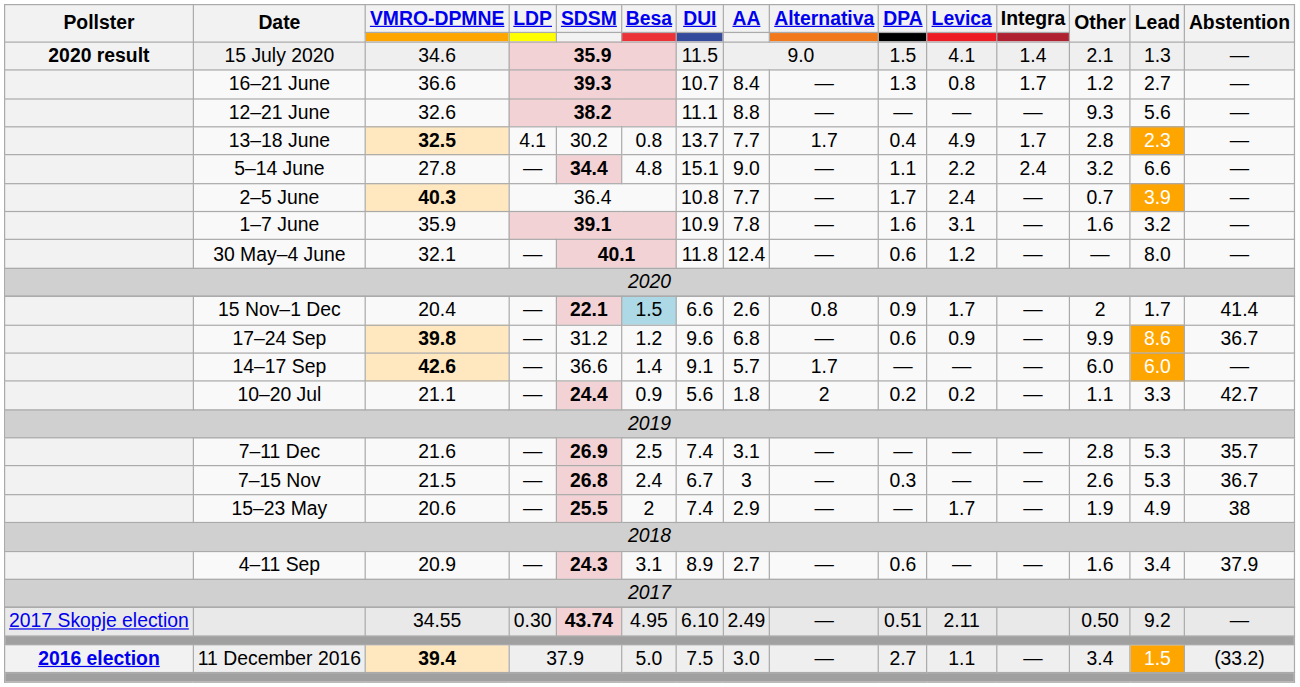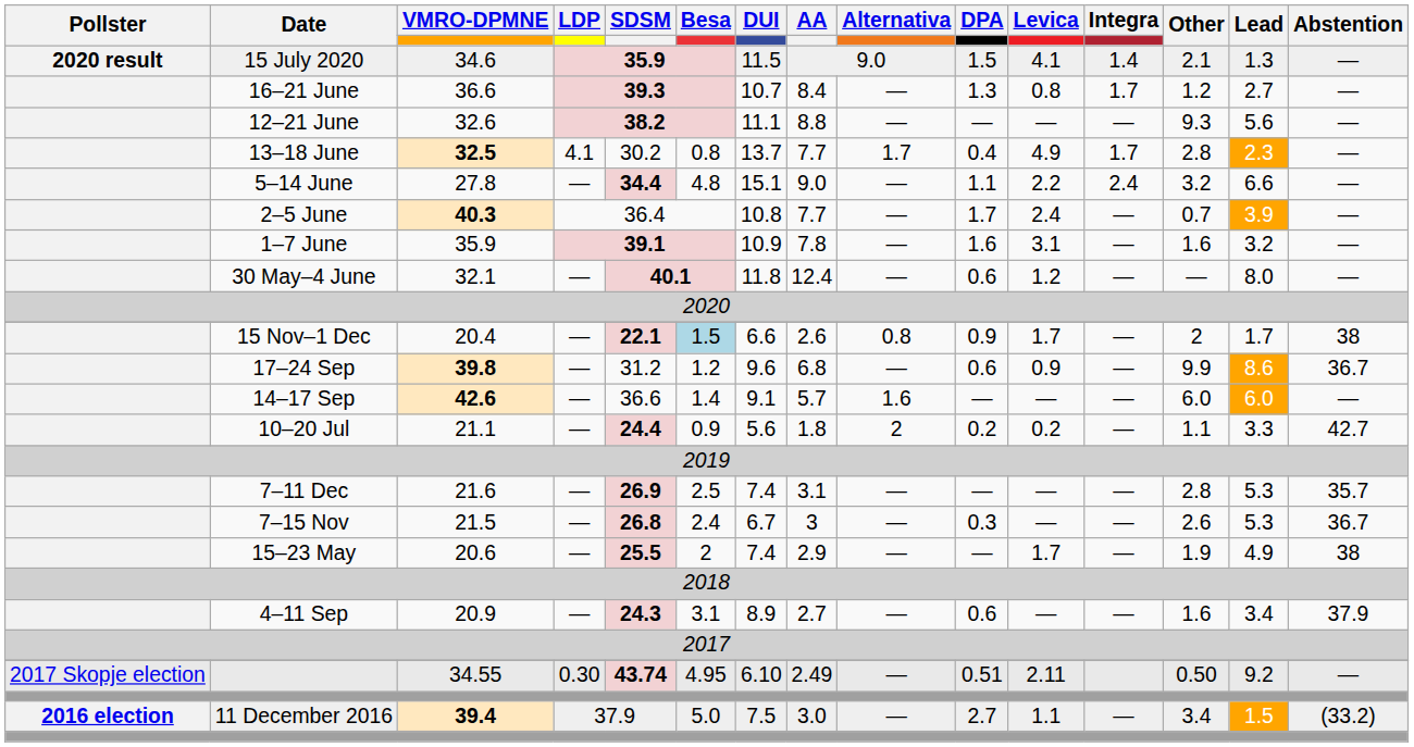 <table class="wikitable" style="text-align:center; line-height:16px; margin-bottom:0">
 <tr>
 <th scope="col" rowspan="2">Pollster</th>
 <th scope="col" rowspan="2">Date</th>
 <th scope="col"><a href='#'>VMRO-DPMNE</a></th>
 <th scope="col"><a href='#'>LDP</a></th>
 <th scope="col"><a href='#'>SDSM</a></th>
 <th scope="col"><a href='#'>Besa</a></th>
 <th scope="col"><a href='#'>DUI</a></th>
 <th scope="col"><a href='#'>AA</a></th>
 <th scope="col"><a href='#'>Alternativa</a></th>
 <th scope="col"><a href='#'>DPA</a></th>
 <th scope="col"><a href='#'>Levica</a></th>
 <th scope="col">Integra</th>
 <th scope="col" rowspan="2">Other</th>
 <th scope="col" rowspan="2">Lead</th>
 <th scope="col" rowspan="2">Abstention</th>
 </tr>
 <tr>
 <th scope="col" style="background:#FFA500;"></th>
 <th scope="col" style="background:yellow;"></th>
 <th scope="col" style="background:"></th>
 <th scope="col" style="background:#EB3237;"></th>
 <th scope="col" style="background:#344b9b;"></th>
 <th scope="col" style="background:"></th>
 <th scope="col" style="background:#F1781B;"></th>
 <th scope="col" style="background:black;"></th>
 <th scope="col" style="background:#ED1C24;"></th>
 <th scope="col" style="background:#af2131;"></th>
 </tr>
 <tr style="background:#EFEFEF;">
 <th scope="row">2020 result</th>
 <td>15 July 2020</td>
 <td>34.6</td>
 <td colspan="3" style="background:#F2D2D4"><strong>35.9</strong></td>
 <td>11.5</td>
 <td colspan="2">9.0</td>
 <td>1.5</td>
 <td>4.1</td>
 <td>1.4</td>
 <td>2.1</td>
 <td style="background:">1.3</td>
 <td>—</td>
 </tr>
 <tr>
 <th scope="row"></th>
 <td>16–21 June</td>
 <td>36.6</td>
 <td colspan="3" style="background:#F2D2D4"><strong>39.3</strong></td>
 <td>10.7</td>
 <td>8.4</td>
 <td>—</td>
 <td>1.3</td>
 <td>0.8</td>
 <td>1.7</td>
 <td>1.2</td>
 <td style="background:">2.7</td>
 <td>—</td>
 </tr>
 <tr>
 <th scope="row"></th>
 <td>12–21 June</td>
 <td>32.6</td>
 <td colspan="3" style="background:#F2D2D4"><strong>38.2</strong></td>
 <td>11.1</td>
 <td>8.8</td>
 <td>—</td>
 <td>—</td>
 <td>—</td>
 <td>—</td>
 <td>9.3</td>
 <td style="background:">5.6</td>
 <td>—</td>
 </tr>
 <tr>
 <th scope="row"></th>
 <td>13–18 June</td>
 <td bgcolor=#FFE8BF><strong>32.5</strong></td>
 <td>4.1</td>
 <td>30.2</td>
 <td>0.8</td>
 <td>13.7</td>
 <td>7.7</td>
 <td>1.7</td>
 <td>0.4</td>
 <td>4.9</td>
 <td>1.7</td>
 <td>2.8</td>
 <td style="background:#FFA500; color:white;">2.3</td>
 <td>—</td>
 </tr>
 <tr>
 <th scope="row"></th>
 <td>5–14 June</td>
 <td>27.8</td>
 <td>—</td>
 <td style="background:#F2D2D4"><strong>34.4</strong></td>
 <td>4.8</td>
 <td>15.1</td>
 <td>9.0</td>
 <td>—</td>
 <td>1.1</td>
 <td>2.2</td>
 <td>2.4</td>
 <td>3.2</td>
 <td style="background:">6.6</td>
 <td>—</td>
 </tr>
 <tr>
 <th scope="row"></th>
 <td>2–5 June</td>
 <td bgcolor=#FFE8BF><strong>40.3</strong></td>
 <td colspan="3">36.4</td>
 <td>10.8</td>
 <td>7.7</td>
 <td>—</td>
 <td>1.7</td>
 <td>2.4</td>
 <td>—</td>
 <td>0.7</td>
 <td style="background:#FFA500; color:white;">3.9</td>
 <td>—</td>
 </tr>
 <tr>
 <th scope="row"></th>
 <td>1–7 June</td>
 <td>35.9</td>
 <td colspan="3" style="background:#F2D2D4"><strong>39.1</strong></td>
 <td>10.9</td>
 <td>7.8</td>
 <td>—</td>
 <td>1.6</td>
 <td>3.1</td>
 <td>—</td>
 <td>1.6</td>
 <td style="background:">3.2</td>
 <td>—</td>
 </tr>
 <tr>
 <th scope="row"></th>
 <td>30 May–4 June</td>
 <td>32.1</td>
 <td>—</td>
 <td colspan="2" style="background:#F2D2D4"><strong>40.1</strong></td>
 <td>11.8</td>
 <td>12.4</td>
 <td>—</td>
 <td>0.6</td>
 <td>1.2</td>
 <td>—</td>
 <td>—</td>
 <td style="background:">8.0</td>
 <td>—</td>
 </tr>
 <tr>
 <td colspan="15" style="background:#D0D0D0; color:black"><em>2020</em></td>
 </tr>
 <tr>
 </tr>
 <tr>
 <th scope="row"></th>
 <td>15 Nov–1 Dec</td>
 <td>20.4</td>
 <td>—</td>
 <td style="background:#F2D2D4"><strong>22.1</strong></td>
 <td style="background: lightblue;">1.5</td>
 <td>6.6</td>
 <td>2.6</td>
 <td>0.8</td>
 <td>0.9</td>
 <td>1.7</td>
 <td>—</td>
 <td>2</td>
 <td style="background:">1.7</td>
-<td>41.4</td>
+<td>38</td>
 </tr>
 <tr>
 <th scope="row"></th>
 <td>17–24 Sep</td>
 <td bgcolor=#FFE8BF><strong>39.8</strong></td>
 <td>—</td>
 <td>31.2</td>
 <td>1.2</td>
 <td>9.6</td>
 <td>6.8</td>
 <td>—</td>
 <td>0.6</td>
 <td>0.9</td>
 <td>—</td>
 <td>9.9</td>
 <td style="background:#FFA500; color:white;">8.6</td>
 <td>36.7</td>
 </tr>
 <tr>
 <th scope="row"></th>
 <td>14–17 Sep</td>
 <td bgcolor=#FFE8BF><strong>42.6</strong></td>
 <td>—</td>
 <td>36.6</td>
 <td>1.4</td>
 <td>9.1</td>
 <td>5.7</td>
-<td>1.7</td>
+<td>1.6</td>
 <td>—</td>
 <td>—</td>
 <td>—</td>
 <td>6.0</td>
 <td style="background:#FFA500; color:white;">6.0</td>
 <td>—</td>
 </tr>
 <tr>
 <th scope="row"></th>
 <td>10–20 Jul</td>
 <td>21.1</td>
 <td>—</td>
 <td style="background:#F2D2D4"><strong>24.4</strong></td>
 <td>0.9</td>
 <td>5.6</td>
 <td>1.8</td>
 <td>2</td>
 <td>0.2</td>
 <td>0.2</td>
 <td>—</td>
 <td>1.1</td>
 <td style="background:">3.3</td>
 <td>42.7</td>
 </tr>
 <tr>
 <td colspan="15" style="background:#D0D0D0; color:black"><em>2019</em></td>
 </tr>
 <tr>
 <th scope="row"></th>
 <td>7–11 Dec</td>
 <td>21.6</td>
 <td>—</td>
 <td style="background:#F2D2D4"><strong>26.9</strong></td>
 <td>2.5</td>
 <td>7.4</td>
 <td>3.1</td>
 <td>—</td>
 <td>—</td>
 <td>—</td>
 <td>—</td>
 <td>2.8</td>
 <td style="background:">5.3</td>
 <td>35.7</td>
 </tr>
 <tr>
 <th scope="row"></th>
 <td>7–15 Nov</td>
 <td>21.5</td>
 <td>—</td>
 <td style="background:#F2D2D4"><strong>26.8</strong></td>
 <td>2.4</td>
 <td>6.7</td>
 <td>3</td>
 <td>—</td>
 <td>0.3</td>
 <td>—</td>
 <td>—</td>
 <td>2.6</td>
 <td style="background:">5.3</td>
 <td>36.7</td>
 </tr>
 <tr>
 <th scope="row"></th>
 <td>15–23 May</td>
 <td>20.6</td>
 <td>—</td>
 <td style="background:#F2D2D4"><strong>25.5</strong></td>
 <td>2</td>
 <td>7.4</td>
 <td>2.9</td>
 <td>—</td>
 <td>—</td>
 <td>1.7</td>
 <td>—</td>
 <td>1.9</td>
 <td style="background:">4.9</td>
 <td>38</td>
 </tr>
 <tr>
 <td colspan="15" style="background:#D0D0D0; color:black"><em>2018</em></td>
 </tr>
 <tr>
 <th scope="row"></th>
 <td>4–11 Sep</td>
 <td>20.9</td>
 <td>—</td>
 <td style="background:#F2D2D4"><strong>24.3</strong></td>
 <td>3.1</td>
 <td>8.9</td>
 <td>2.7</td>
 <td>—</td>
 <td>0.6</td>
 <td>—</td>
 <td>—</td>
 <td>1.6</td>
 <td style="background:">3.4</td>
 <td>37.9</td>
 </tr>
 <tr>
 <td colspan="15" style="background:#D0D0D0; color:black"><em>2017</em></td>
 </tr>
 <tr>
 </tr>
 <tr style="background:#E9E9E9;">
 <td><a href='#'>2017 Skopje election</a></td>
 <td></td>
 <td>34.55</td>
 <td>0.30</td>
 <td style="background:#F2D2D4;"><strong>43.74</strong></td>
 <td>4.95</td>
 <td>6.10</td>
 <td>2.49</td>
 <td>—</td>
 <td>0.51</td>
 <td>2.11</td>
 <td></td>
 <td>0.50</td>
 <td style="background:">9.2</td>
 <td>—</td>
 </tr>
 <tr>
 <td colspan="15" style="background:#A0A0A0"></td>
 </tr>
 <tr style="background:#EFEFEF;">
 <th scope="row"><a href='#'>2016 election</a></th>
 <td>11 December 2016</td>
 <td style="background:#FFE8BF"><strong>39.4</strong></td>
 <td colspan="2">37.9</td>
 <td>5.0</td>
 <td>7.5</td>
 <td>3.0</td>
 <td>—</td>
 <td>2.7</td>
 <td>1.1</td>
 <td>—</td>
 <td>3.4</td>
 <td style="background:#FFA500; color:white;">1.5</td>
 <td>(33.2)</td>
 </tr>
 <tr>
 <td colspan="15" style="background:#A0A0A0"></td>
 </tr>
 </table>
